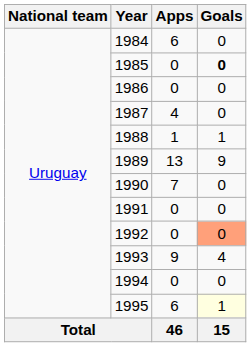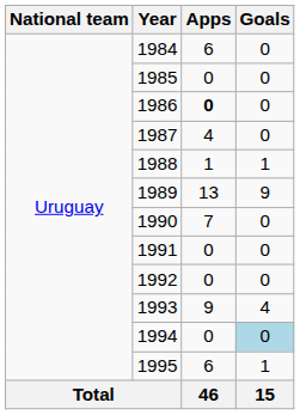 <table class="wikitable" style="text-align:center">
 <tr>
 <th>National team</th>
 <th>Year</th>
 <th>Apps</th>
 <th>Goals</th>
 </tr>
 <tr>
 <td rowspan="12"><a href='#'>Uruguay</a></td>
 <td>1984</td>
 <td>6</td>
 <td>0</td>
 </tr>
 <tr>
 <td>1985</td>
 <td>0</td>
-<td><strong>0</strong></td>
+<td>0</td>
 </tr>
 <tr>
 <td>1986</td>
-<td>0</td>
+<td><strong>0</strong></td>
 <td>0</td>
 </tr>
 <tr>
 <td>1987</td>
 <td>4</td>
 <td>0</td>
 </tr>
 <tr>
 <td>1988</td>
 <td>1</td>
 <td>1</td>
 </tr>
 <tr>
 <td>1989</td>
 <td>13</td>
 <td>9</td>
 </tr>
 <tr>
 <td>1990</td>
 <td>7</td>
 <td>0</td>
 </tr>
 <tr>
 <td>1991</td>
 <td>0</td>
 <td>0</td>
 </tr>
 <tr>
 <td>1992</td>
 <td>0</td>
-<td style="background: lightsalmon;">0</td>
+<td>0</td>
 </tr>
 <tr>
 <td>1993</td>
 <td>9</td>
 <td>4</td>
 </tr>
 <tr>
 <td>1994</td>
 <td>0</td>
-<td>0</td>
+<td style="background: lightblue;">0</td>
 </tr>
 <tr>
 <td>1995</td>
 <td>6</td>
-<td style="background: lightyellow;">1</td>
+<td>1</td>
 </tr>
 <tr>
 <th colspan="2">Total</th>
 <th>46</th>
 <th>15</th>
 </tr>
 </table>
